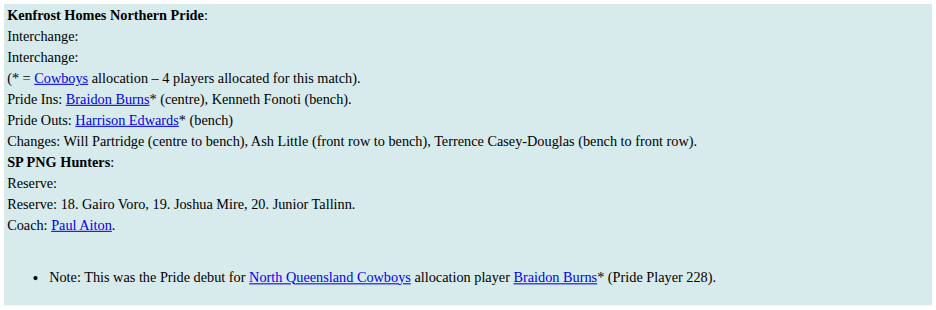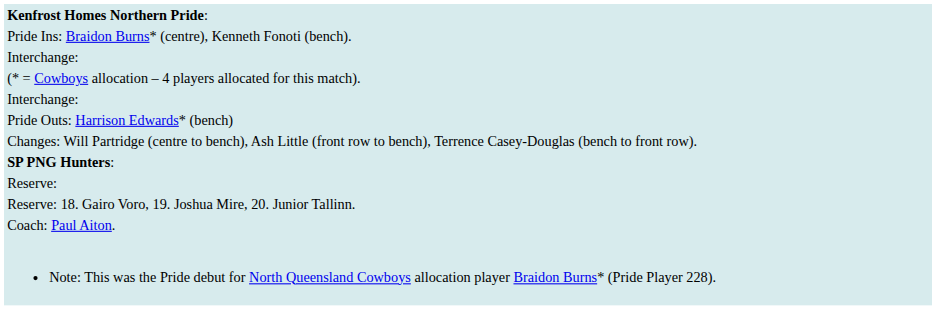 <table style="background:#d7ebed; font-size:85%; width:100%;">
 <tr>
 <td><strong>Kenfrost Homes Northern Pride</strong>:             </td>
 </tr>
 <tr>
-<td>Interchange:    </td>
+<td>Pride Ins: <a href='#'>Braidon Burns</a>* (centre), Kenneth Fonoti (bench).</td>
 </tr>
 <tr>
 <td>Interchange:    </td>
 </tr>
 <tr>
 <td>(* = <a href='#'>Cowboys</a> allocation – 4 players allocated for this match).</td>
 </tr>
 <tr>
-<td>Pride Ins: <a href='#'>Braidon Burns</a>* (centre), Kenneth Fonoti (bench).</td>
+<td>Interchange:    </td>
 </tr>
 <tr>
 <td>Pride Outs: <a href='#'>Harrison Edwards</a>* (bench)</td>
 </tr>
 <tr>
 <td>Changes: Will Partridge (centre to bench), Ash Little (front row to bench), Terrence Casey-Douglas (bench to front row).</td>
 </tr>
 <tr>
 <td><strong>SP PNG Hunters</strong>:             </td>
 </tr>
 <tr>
 <td>Reserve: </td>
 </tr>
 <tr>
 <td>Reserve: 18. Gairo Voro, 19. Joshua Mire, 20. Junior Tallinn.</td>
 </tr>
 <tr>
 <td>Coach: <a href='#'>Paul Aiton</a>.</td>
 </tr>
 <tr>
 <td><br><ul><li>Note: This was the Pride debut for <a href='#'>North Queensland Cowboys</a> allocation player <a href='#'>Braidon Burns</a>* (Pride Player 228).</li></ul></td>
 </tr>
 <tr>
 </tr>
 </table>
